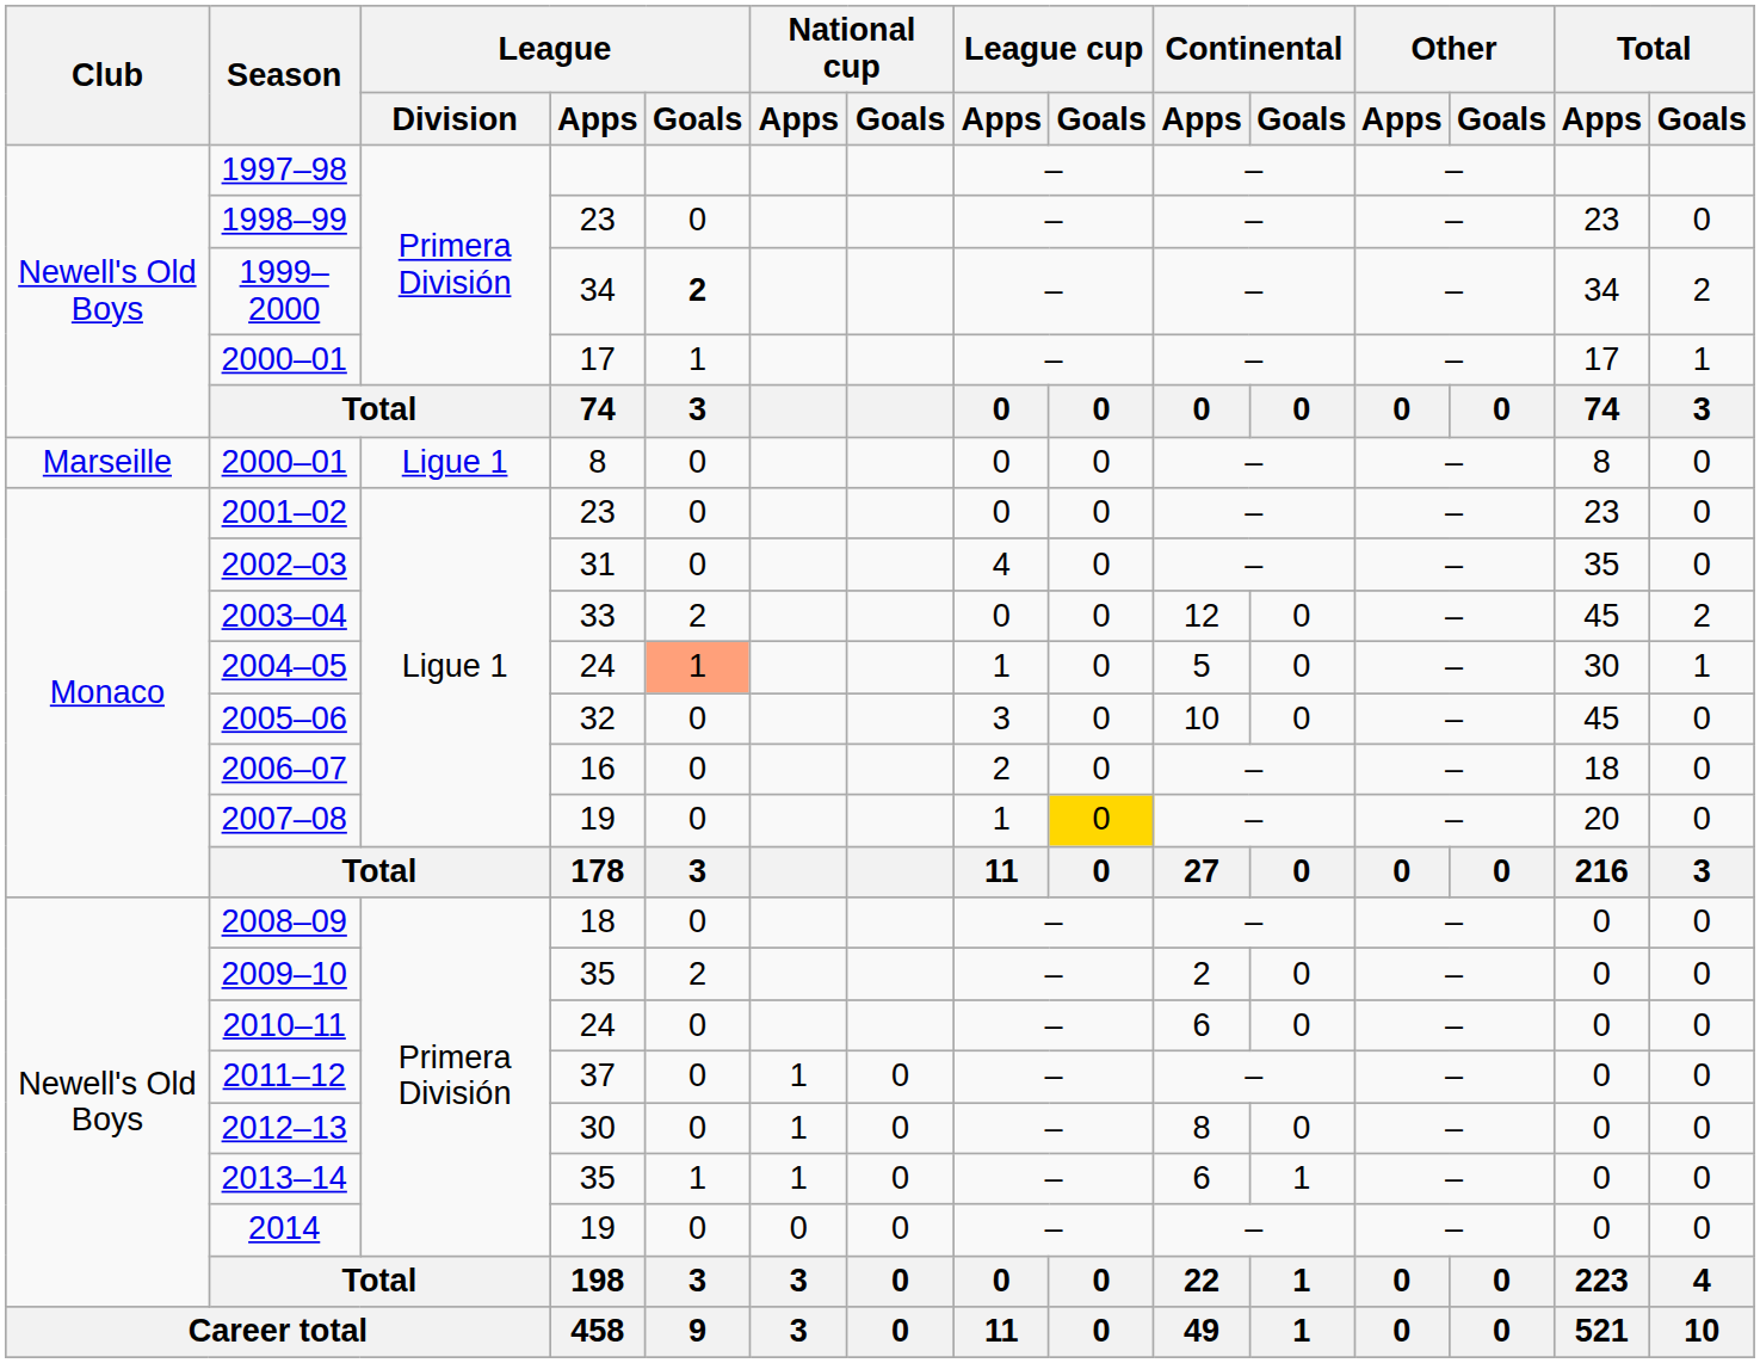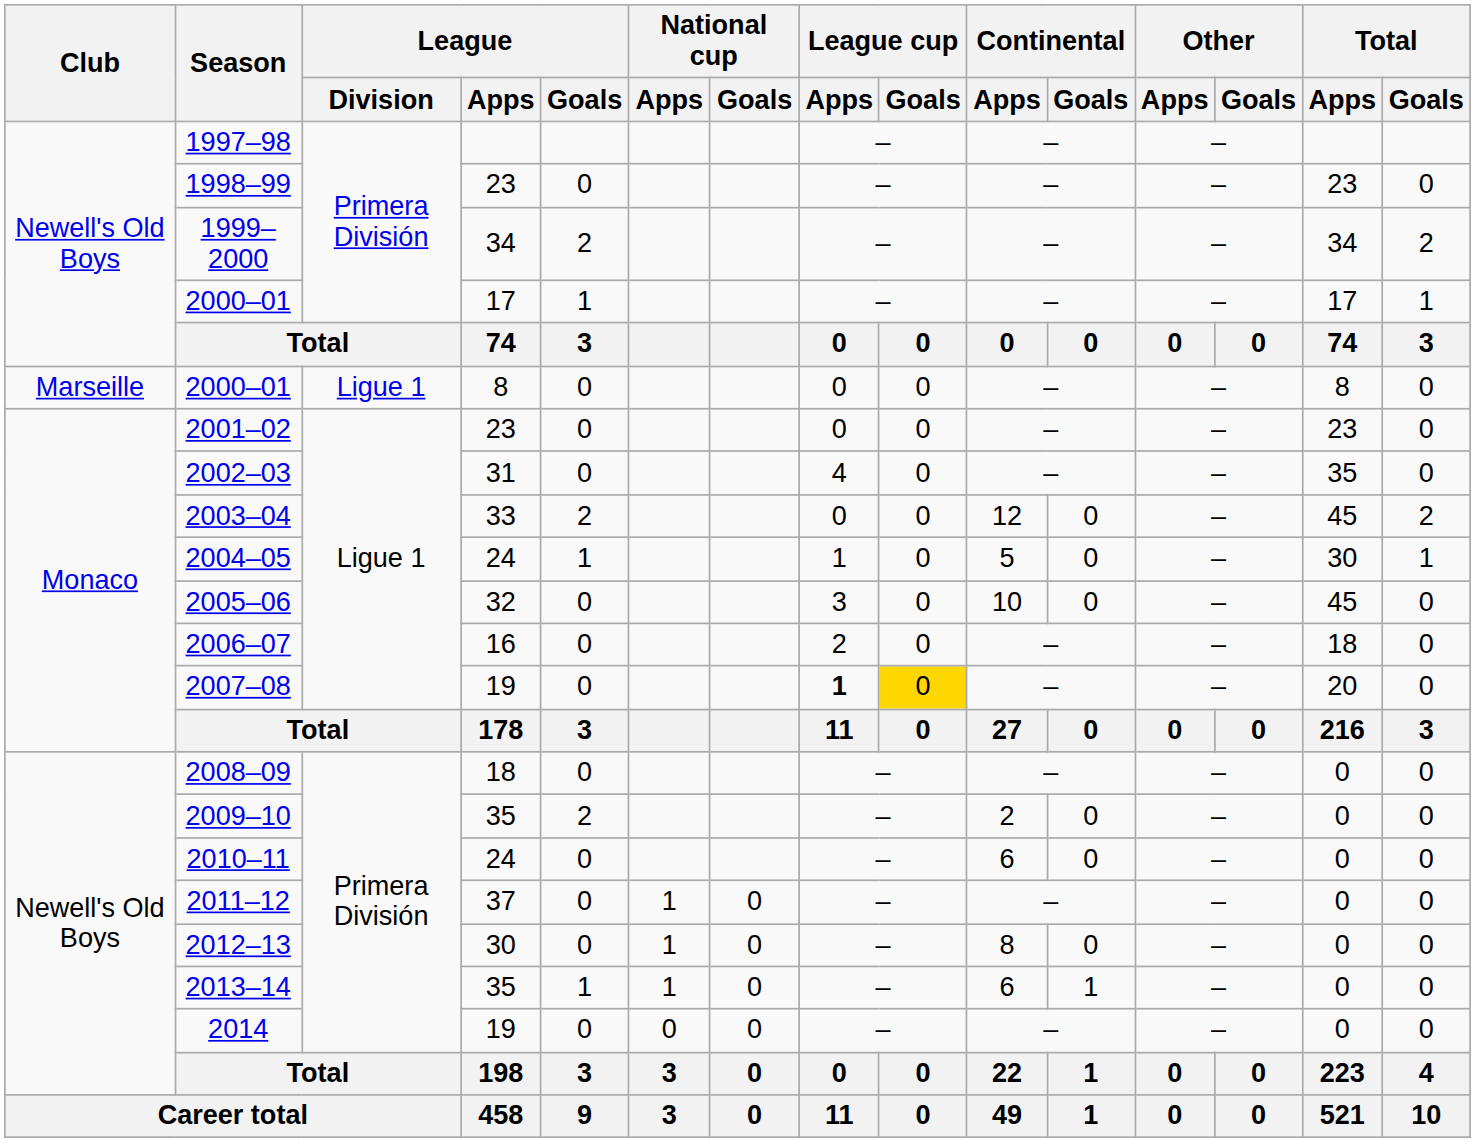 <table class="wikitable" style="text-align:center">
 <tr>
 <th rowspan="2">Club</th>
 <th rowspan="2">Season</th>
 <th colspan="3">League</th>
 <th colspan="2">National cup</th>
 <th colspan="2">League cup</th>
 <th colspan="2">Continental</th>
 <th colspan="2">Other</th>
 <th colspan="2">Total</th>
 </tr>
 <tr>
 <th>Division</th>
 <th>Apps</th>
 <th>Goals</th>
 <th>Apps</th>
 <th>Goals</th>
 <th>Apps</th>
 <th>Goals</th>
 <th>Apps</th>
 <th>Goals</th>
 <th>Apps</th>
 <th>Goals</th>
 <th>Apps</th>
 <th>Goals</th>
 </tr>
 <tr>
 <td rowspan="5"><a href='#'>Newell's Old Boys</a></td>
 <td><a href='#'>1997–98</a></td>
 <td rowspan="4"><a href='#'>Primera División</a></td>
 <td></td>
 <td></td>
 <td></td>
 <td></td>
 <td colspan="2">–</td>
 <td colspan="2">–</td>
 <td colspan="2">–</td>
 <td></td>
 <td></td>
 </tr>
 <tr>
 <td><a href='#'>1998–99</a></td>
 <td>23</td>
 <td>0</td>
 <td></td>
 <td></td>
 <td colspan="2">–</td>
 <td colspan="2">–</td>
 <td colspan="2">–</td>
 <td>23</td>
 <td>0</td>
 </tr>
 <tr>
 <td><a href='#'>1999–2000</a></td>
 <td>34</td>
-<td><strong>2</strong></td>
+<td>2</td>
 <td></td>
 <td></td>
 <td colspan="2">–</td>
 <td colspan="2">–</td>
 <td colspan="2">–</td>
 <td>34</td>
 <td>2</td>
 </tr>
 <tr>
 <td><a href='#'>2000–01</a></td>
 <td>17</td>
 <td>1</td>
 <td></td>
 <td></td>
 <td colspan="2">–</td>
 <td colspan="2">–</td>
 <td colspan="2">–</td>
 <td>17</td>
 <td>1</td>
 </tr>
 <tr>
 <th colspan="2">Total</th>
 <th>74</th>
 <th>3</th>
 <th></th>
 <th></th>
 <th>0</th>
 <th>0</th>
 <th>0</th>
 <th>0</th>
 <th>0</th>
 <th>0</th>
 <th>74</th>
 <th>3</th>
 </tr>
 <tr>
 <td><a href='#'>Marseille</a></td>
 <td><a href='#'>2000–01</a></td>
 <td><a href='#'>Ligue 1</a></td>
 <td>8</td>
 <td>0</td>
 <td></td>
 <td></td>
 <td>0</td>
 <td>0</td>
 <td colspan="2">–</td>
 <td colspan="2">–</td>
 <td>8</td>
 <td>0</td>
 </tr>
 <tr>
 <td rowspan="8"><a href='#'>Monaco</a></td>
 <td><a href='#'>2001–02</a></td>
 <td rowspan="7">Ligue 1</td>
 <td>23</td>
 <td>0</td>
 <td></td>
 <td></td>
 <td>0</td>
 <td>0</td>
 <td colspan="2">–</td>
 <td colspan="2">–</td>
 <td>23</td>
 <td>0</td>
 </tr>
 <tr>
 <td><a href='#'>2002–03</a></td>
 <td>31</td>
 <td>0</td>
 <td></td>
 <td></td>
 <td>4</td>
 <td>0</td>
 <td colspan="2">–</td>
 <td colspan="2">–</td>
 <td>35</td>
 <td>0</td>
 </tr>
 <tr>
 <td><a href='#'>2003–04</a></td>
 <td>33</td>
 <td>2</td>
 <td></td>
 <td></td>
 <td>0</td>
 <td>0</td>
 <td>12</td>
 <td>0</td>
 <td colspan="2">–</td>
 <td>45</td>
 <td>2</td>
 </tr>
 <tr>
 <td><a href='#'>2004–05</a></td>
 <td>24</td>
-<td style="background: lightsalmon;">1</td>
+<td>1</td>
 <td></td>
 <td></td>
 <td>1</td>
 <td>0</td>
 <td>5</td>
 <td>0</td>
 <td colspan="2">–</td>
 <td>30</td>
 <td>1</td>
 </tr>
 <tr>
 <td><a href='#'>2005–06</a></td>
 <td>32</td>
 <td>0</td>
 <td></td>
 <td></td>
 <td>3</td>
 <td>0</td>
 <td>10</td>
 <td>0</td>
 <td colspan="2">–</td>
 <td>45</td>
 <td>0</td>
 </tr>
 <tr>
 <td><a href='#'>2006–07</a></td>
 <td>16</td>
 <td>0</td>
 <td></td>
 <td></td>
 <td>2</td>
 <td>0</td>
 <td colspan="2">–</td>
 <td colspan="2">–</td>
 <td>18</td>
 <td>0</td>
 </tr>
 <tr>
 <td><a href='#'>2007–08</a></td>
 <td>19</td>
 <td>0</td>
 <td></td>
 <td></td>
-<td>1</td>
+<td><strong>1</strong></td>
 <td style="background: gold;">0</td>
 <td colspan="2">–</td>
 <td colspan="2">–</td>
 <td>20</td>
 <td>0</td>
 </tr>
 <tr>
 <th colspan="2">Total</th>
 <th>178</th>
 <th>3</th>
 <th></th>
 <th></th>
 <th>11</th>
 <th>0</th>
 <th>27</th>
 <th>0</th>
 <th>0</th>
 <th>0</th>
 <th>216</th>
 <th>3</th>
 </tr>
 <tr>
 <td rowspan="8">Newell's Old Boys</td>
 <td><a href='#'>2008–09</a></td>
 <td rowspan="7">Primera División</td>
 <td>18</td>
 <td>0</td>
 <td></td>
 <td></td>
 <td colspan="2">–</td>
 <td colspan="2">–</td>
 <td colspan="2">–</td>
 <td>0</td>
 <td>0</td>
 </tr>
 <tr>
 <td><a href='#'>2009–10</a></td>
 <td>35</td>
 <td>2</td>
 <td></td>
 <td></td>
 <td colspan="2">–</td>
 <td>2</td>
 <td>0</td>
 <td colspan="2">–</td>
 <td>0</td>
 <td>0</td>
 </tr>
 <tr>
 <td><a href='#'>2010–11</a></td>
 <td>24</td>
 <td>0</td>
 <td></td>
 <td></td>
 <td colspan="2">–</td>
 <td>6</td>
 <td>0</td>
 <td colspan="2">–</td>
 <td>0</td>
 <td>0</td>
 </tr>
 <tr>
 <td><a href='#'>2011–12</a></td>
 <td>37</td>
 <td>0</td>
 <td>1</td>
 <td>0</td>
 <td colspan="2">–</td>
 <td colspan="2">–</td>
 <td colspan="2">–</td>
 <td>0</td>
 <td>0</td>
 </tr>
 <tr>
 <td><a href='#'>2012–13</a></td>
 <td>30</td>
 <td>0</td>
 <td>1</td>
 <td>0</td>
 <td colspan="2">–</td>
 <td>8</td>
 <td>0</td>
 <td colspan="2">–</td>
 <td>0</td>
 <td>0</td>
 </tr>
 <tr>
 <td><a href='#'>2013–14</a></td>
 <td>35</td>
 <td>1</td>
 <td>1</td>
 <td>0</td>
 <td colspan="2">–</td>
 <td>6</td>
 <td>1</td>
 <td colspan="2">–</td>
 <td>0</td>
 <td>0</td>
 </tr>
 <tr>
 <td><a href='#'>2014</a></td>
 <td>19</td>
 <td>0</td>
 <td>0</td>
 <td>0</td>
 <td colspan="2">–</td>
 <td colspan="2">–</td>
 <td colspan="2">–</td>
 <td>0</td>
 <td>0</td>
 </tr>
 <tr>
 <th colspan="2">Total</th>
 <th>198</th>
 <th>3</th>
 <th>3</th>
 <th>0</th>
 <th>0</th>
 <th>0</th>
 <th>22</th>
 <th>1</th>
 <th>0</th>
 <th>0</th>
 <th>223</th>
 <th>4</th>
 </tr>
 <tr>
 <th colspan="3">Career total</th>
 <th>458</th>
 <th>9</th>
 <th>3</th>
 <th>0</th>
 <th>11</th>
 <th>0</th>
 <th>49</th>
 <th>1</th>
 <th>0</th>
 <th>0</th>
 <th>521</th>
 <th>10</th>
 </tr>
 </table>
